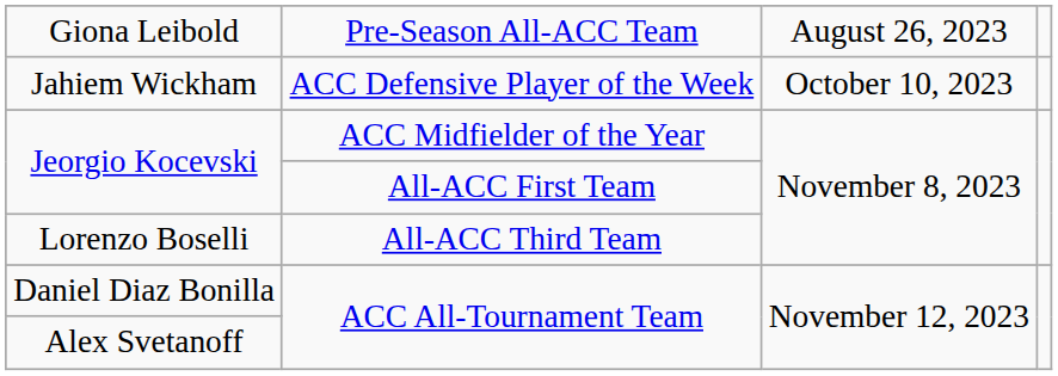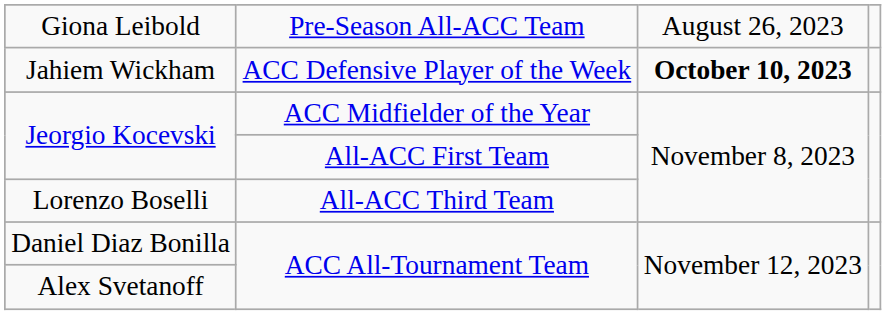 <table class="wikitable sortable" style="text-align: center">
 <tr>
 <td>Giona Leibold</td>
 <td><a href='#'>Pre-Season All-ACC Team</a></td>
 <td>August 26, 2023</td>
 <td></td>
 </tr>
 <tr>
 <td>Jahiem Wickham</td>
 <td><a href='#'>ACC Defensive Player of the Week</a></td>
-<td>October 10, 2023</td>
+<td><strong>October 10, 2023</strong></td>
 <td></td>
 </tr>
 <tr>
 <td rowspan=2><a href='#'>Jeorgio Kocevski</a></td>
 <td><a href='#'>ACC Midfielder of the Year</a></td>
 <td rowspan=3>November 8, 2023</td>
 <td rowspan=3></td>
 </tr>
 <tr>
 <td><a href='#'>All-ACC First Team</a></td>
 </tr>
 <tr>
 <td>Lorenzo Boselli</td>
 <td><a href='#'>All-ACC Third Team</a></td>
 </tr>
 <tr>
 <td>Daniel Diaz Bonilla</td>
 <td rowspan=2><a href='#'>ACC All-Tournament Team</a></td>
 <td rowspan=2>November 12, 2023</td>
 <td rowspan=2></td>
 </tr>
 <tr>
 <td>Alex Svetanoff</td>
 </tr>
 </table>
